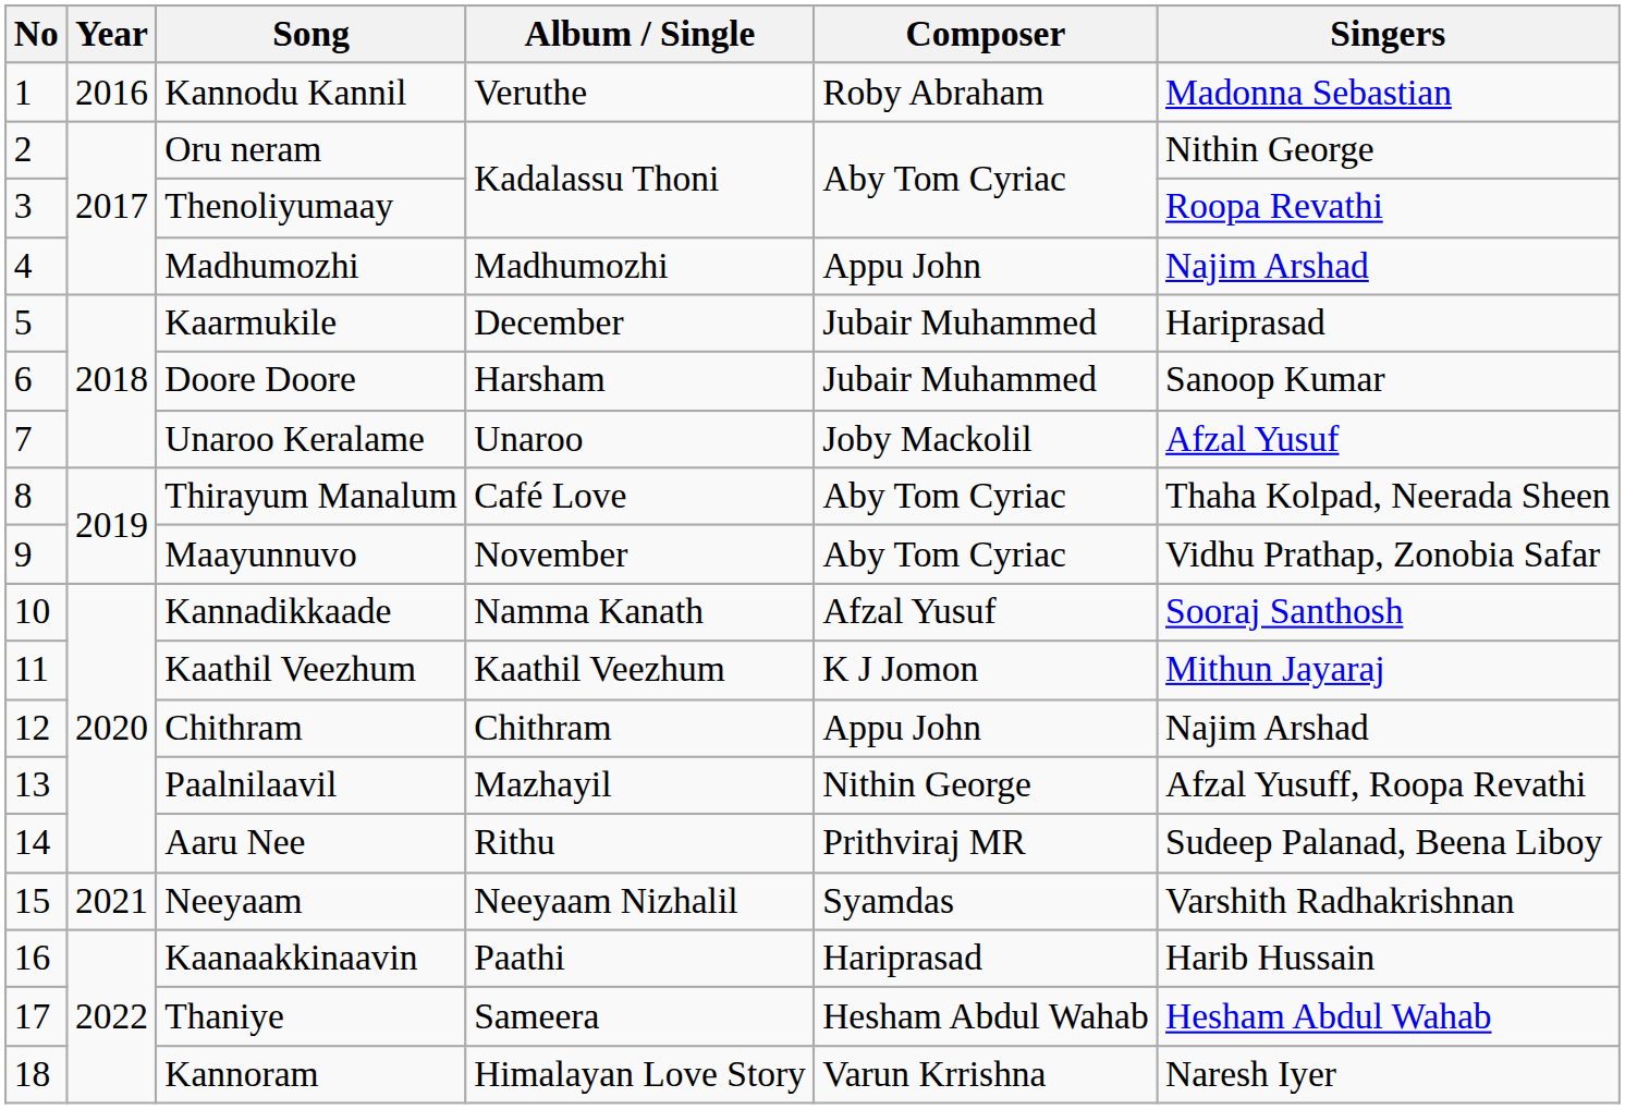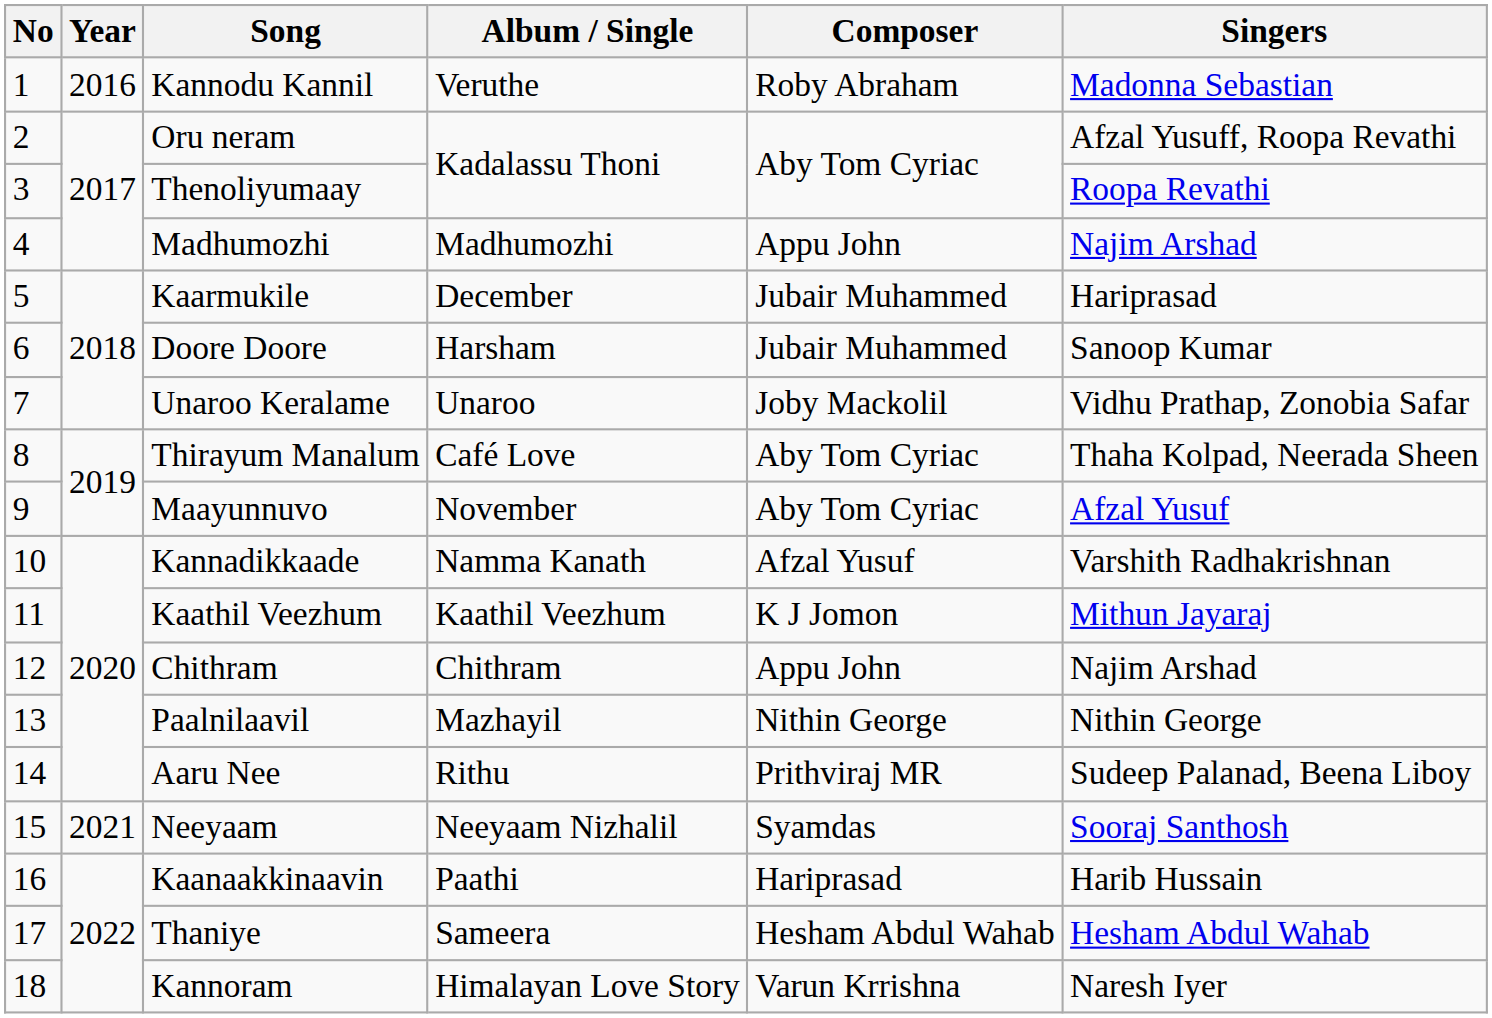 <table class="wikitable">
 <tr>
 <th>No</th>
 <th>Year</th>
 <th>Song</th>
 <th>Album / Single</th>
 <th>Composer</th>
 <th>Singers</th>
 </tr>
 <tr>
 <td>1</td>
 <td>2016</td>
 <td>Kannodu  Kannil</td>
 <td>Veruthe</td>
 <td>Roby  Abraham</td>
 <td><a href='#'>Madonna Sebastian</a></td>
 </tr>
 <tr>
 <td>2</td>
 <td rowspan="3">2017</td>
 <td>Oru neram</td>
 <td rowspan="2">Kadalassu Thoni</td>
 <td rowspan="2">Aby Tom Cyriac</td>
-<td>Nithin George</td>
+<td>Afzal Yusuff, Roopa Revathi</td>
 </tr>
 <tr>
 <td>3</td>
 <td>Thenoliyumaay</td>
 <td><a href='#'>Roopa Revathi</a></td>
 </tr>
 <tr>
 <td>4</td>
 <td>Madhumozhi</td>
 <td>Madhumozhi</td>
 <td>Appu John</td>
 <td><a href='#'>Najim Arshad</a></td>
 </tr>
 <tr>
 <td>5</td>
 <td rowspan="3">2018</td>
 <td>Kaarmukile</td>
 <td>December</td>
 <td>Jubair Muhammed</td>
 <td>Hariprasad</td>
 </tr>
 <tr>
 <td>6</td>
 <td>Doore Doore</td>
 <td>Harsham</td>
 <td>Jubair Muhammed</td>
 <td>Sanoop Kumar</td>
 </tr>
 <tr>
 <td>7</td>
 <td>Unaroo Keralame</td>
 <td>Unaroo</td>
 <td>Joby Mackolil</td>
-<td><a href='#'>Afzal Yusuf</a></td>
+<td>Vidhu Prathap, Zonobia Safar</td>
 </tr>
 <tr>
 <td>8</td>
 <td rowspan="2">2019</td>
 <td>Thirayum Manalum</td>
 <td>Café Love</td>
 <td>Aby Tom Cyriac</td>
 <td>Thaha Kolpad, Neerada Sheen</td>
 </tr>
 <tr>
 <td>9</td>
 <td>Maayunnuvo</td>
 <td>November</td>
 <td>Aby Tom Cyriac</td>
-<td>Vidhu Prathap, Zonobia Safar</td>
+<td><a href='#'>Afzal Yusuf</a></td>
 </tr>
 <tr>
 <td>10</td>
 <td rowspan="5">2020</td>
 <td>Kannadikkaade</td>
 <td>Namma Kanath</td>
 <td>Afzal Yusuf</td>
-<td><a href='#'>Sooraj Santhosh</a></td>
+<td>Varshith Radhakrishnan</td>
 </tr>
 <tr>
 <td>11</td>
 <td>Kaathil Veezhum</td>
 <td>Kaathil  Veezhum</td>
 <td>K J Jomon</td>
 <td><a href='#'>Mithun Jayaraj</a></td>
 </tr>
 <tr>
 <td>12</td>
 <td>Chithram</td>
 <td>Chithram</td>
 <td>Appu John</td>
 <td>Najim Arshad</td>
 </tr>
 <tr>
 <td>13</td>
 <td>Paalnilaavil</td>
 <td>Mazhayil</td>
 <td>Nithin George</td>
-<td>Afzal Yusuff, Roopa Revathi</td>
+<td>Nithin George</td>
 </tr>
 <tr>
 <td>14</td>
 <td>Aaru Nee</td>
 <td>Rithu</td>
 <td>Prithviraj MR</td>
 <td>Sudeep Palanad, Beena Liboy</td>
 </tr>
 <tr>
 <td>15</td>
 <td>2021</td>
 <td>Neeyaam</td>
 <td>Neeyaam  Nizhalil</td>
 <td>Syamdas</td>
-<td>Varshith Radhakrishnan</td>
+<td><a href='#'>Sooraj Santhosh</a></td>
 </tr>
 <tr>
 <td>16</td>
 <td rowspan="3">2022</td>
 <td>Kaanaakkinaavin</td>
 <td>Paathi</td>
 <td>Hariprasad</td>
 <td>Harib Hussain</td>
 </tr>
 <tr>
 <td>17</td>
 <td>Thaniye</td>
 <td>Sameera</td>
 <td>Hesham Abdul Wahab</td>
 <td><a href='#'>Hesham Abdul Wahab</a></td>
 </tr>
 <tr>
 <td>18</td>
 <td>Kannoram</td>
 <td>Himalayan Love  Story</td>
 <td>Varun Krrishna</td>
 <td>Naresh Iyer</td>
 </tr>
 </table>
